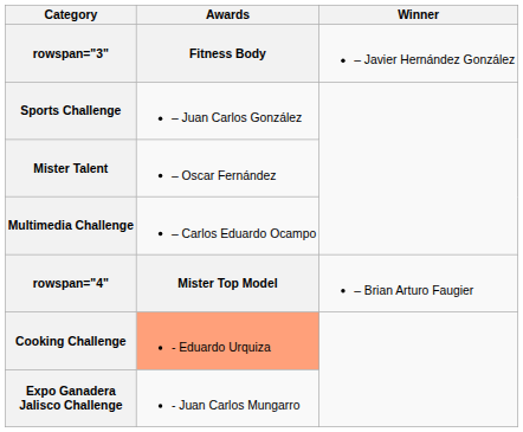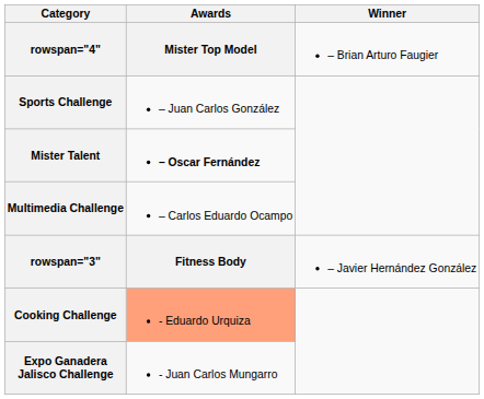 <table class="wikitable" style="font-size: 95%;">
 <tr>
 <th>Category</th>
 <th>Awards</th>
 <th>Winner</th>
 </tr>
 <tr>
-<th>rowspan="3" </th>
-<th>Fitness Body</th>
-<td><br><ul><li> – Javier Hernández González</li></ul></td>
+<th>rowspan="4" </th>
+<th>Mister Top Model</th>
+<td><br><ul><li> – Brian Arturo Faugier</li></ul></td>
 </tr>
 <tr>
 <th>Sports Challenge</th>
 <td><br><ul><li> – Juan Carlos González</li></ul></td>
 </tr>
 <tr>
 <th>Mister Talent</th>
-<td><br><ul><li> – Oscar Fernández</li></ul></td>
+<td><strong><br><ul><li> – Oscar Fernández</li></ul></strong></td>
 </tr>
 <tr>
 <th>Multimedia Challenge</th>
 <td><br><ul><li> – Carlos Eduardo Ocampo</li></ul></td>
 </tr>
 <tr>
-<th>rowspan="4" </th>
-<th>Mister Top Model</th>
-<td><br><ul><li> – Brian Arturo Faugier</li></ul></td>
+<th>rowspan="3" </th>
+<th>Fitness Body</th>
+<td><br><ul><li> – Javier Hernández González</li></ul></td>
 </tr>
 <tr>
 <th>Cooking Challenge</th>
 <td style="background: lightsalmon;"><br><ul><li> - Eduardo Urquiza</li></ul></td>
 </tr>
 <tr>
 <th>Expo Ganadera<br>Jalisco Challenge</th>
 <td><br><ul><li> - Juan Carlos Mungarro</li></ul></td>
 </tr>
 </table>
